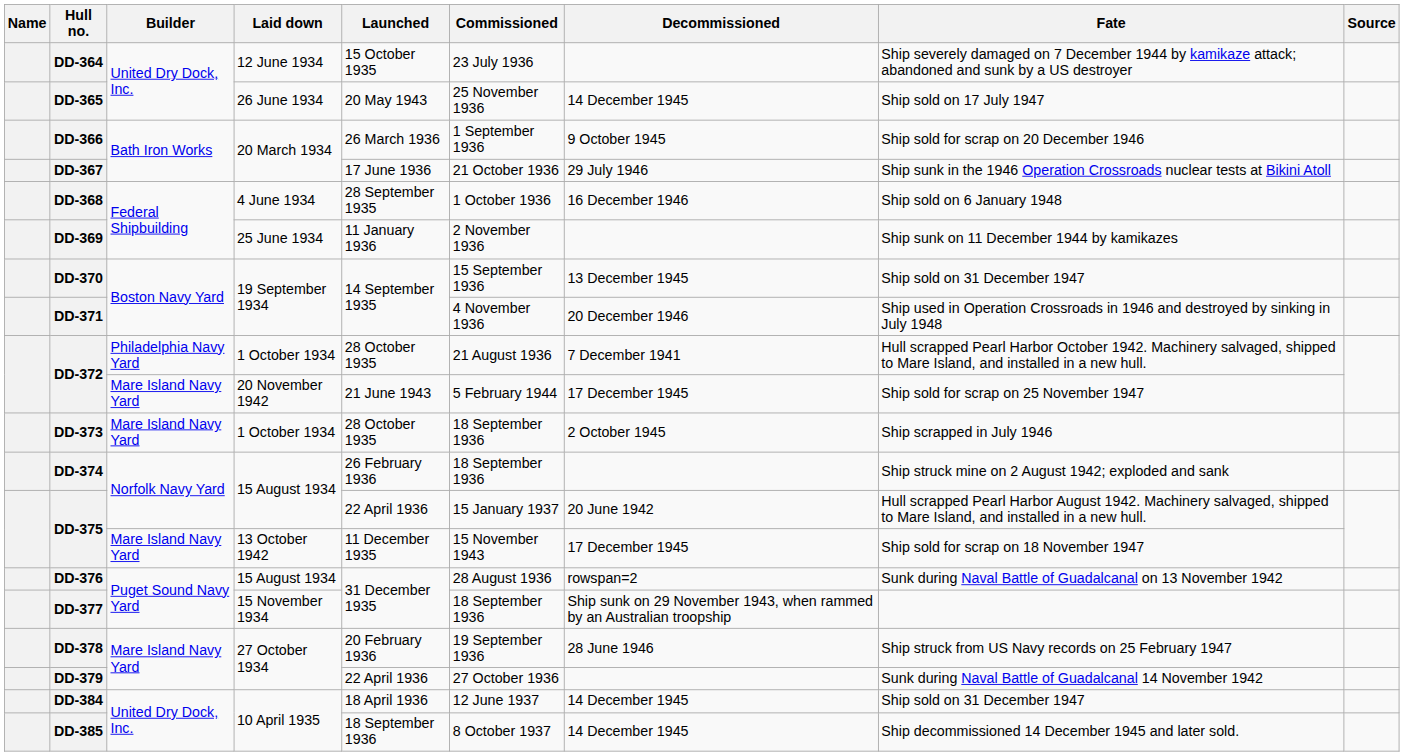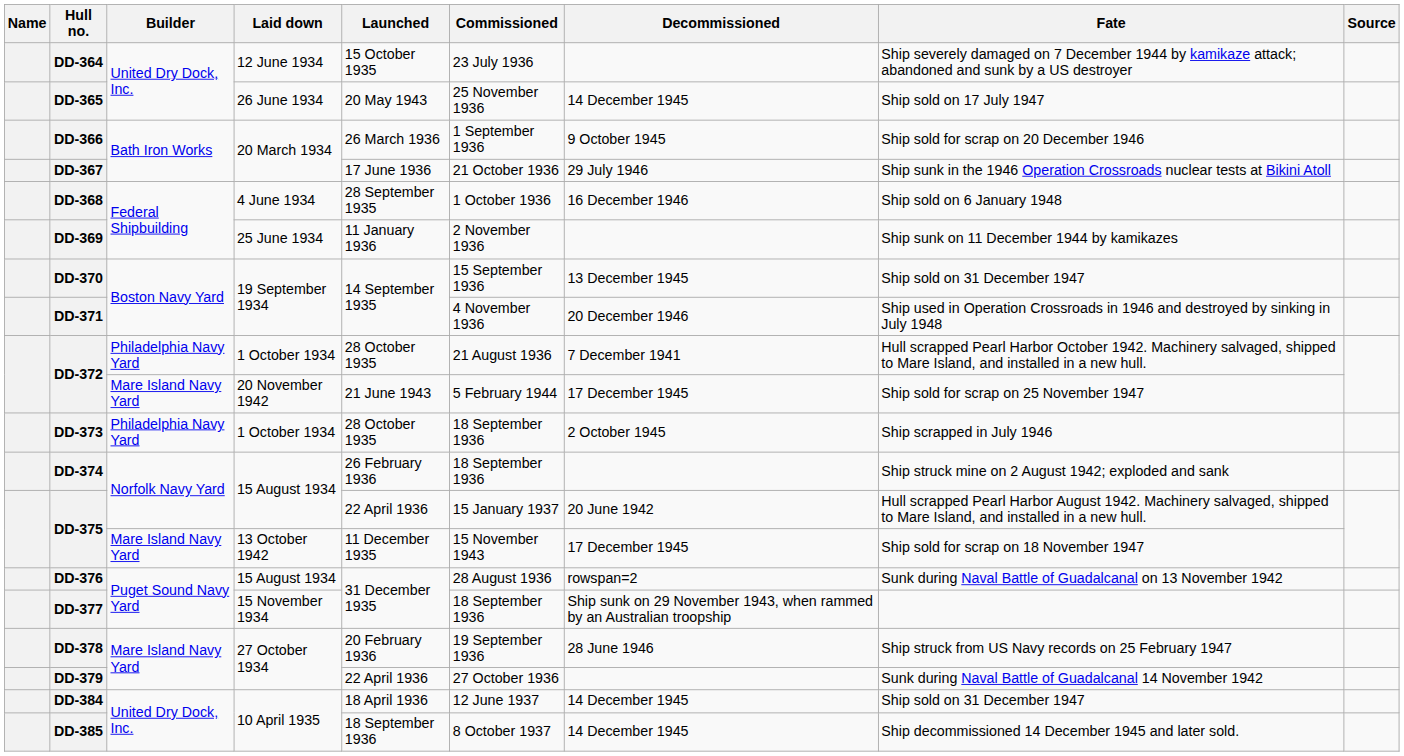 <table class="wikitable sortable plainrowheaders">
 <tr>
 <th scope="col">Name</th>
 <th scope="col">Hull no.</th>
 <th scope="col" style="max-width: 9em;">Builder</th>
 <th scope="col" style="max-width: 6em;">Laid down</th>
 <th scope="col" style="max-width: 6em;">Launched</th>
 <th scope="col" style="max-width: 6em;">Commissioned</th>
 <th scope="col" style="max-width: 6em;">Decommissioned</th>
 <th scope="col">Fate</th>
 <th scope="col" class="unsortable">Source</th>
 </tr>
 <tr>
 <th scope="row"></th>
 <th scope="row" style="white-space: nowrap;">DD-364</th>
 <td rowspan=2><a href='#'>United Dry Dock, Inc.</a></td>
 <td>12 June 1934</td>
 <td>15 October 1935</td>
 <td>23 July 1936</td>
 <td></td>
 <td data-sort-value="1944">Ship severely damaged on 7 December 1944  by <a href='#'>kamikaze</a> attack; abandoned and sunk by a US destroyer</td>
 <td></td>
 </tr>
 <tr>
 <th scope="row"></th>
 <th scope="row">DD-365</th>
 <td>26 June 1934</td>
 <td>20 May 1943</td>
 <td>25 November 1936</td>
 <td>14 December 1945</td>
 <td data-sort-value="17 July 1947">Ship sold on 17 July 1947</td>
 <td></td>
 </tr>
 <tr>
 <th scope="row"></th>
 <th scope="row">DD-366</th>
 <td rowspan=2><a href='#'>Bath Iron Works</a></td>
 <td rowspan=2>20 March 1934</td>
 <td>26 March 1936</td>
 <td>1 September 1936</td>
 <td>9 October 1945</td>
 <td data-sort-value="20 December 1946">Ship sold for scrap on 20 December 1946</td>
 <td></td>
 </tr>
 <tr>
 <th scope="row"></th>
 <th scope="row">DD-367</th>
 <td>17 June 1936</td>
 <td>21 October 1936</td>
 <td>29 July 1946</td>
 <td data-sort-value="1946">Ship sunk in the 1946 <a href='#'>Operation Crossroads</a> nuclear tests at <a href='#'>Bikini Atoll</a></td>
 <td></td>
 </tr>
 <tr>
 <th scope="row"></th>
 <th scope="row">DD-368</th>
 <td rowspan=2><a href='#'>Federal Shipbuilding</a></td>
 <td>4 June 1934</td>
 <td>28 September 1935</td>
 <td>1 October 1936</td>
 <td>16 December 1946</td>
 <td data-sort-value="6 January 1948">Ship sold on 6 January 1948</td>
 <td></td>
 </tr>
 <tr>
 <th scope="row"></th>
 <th scope="row">DD-369</th>
 <td>25 June 1934</td>
 <td>11 January 1936</td>
 <td>2 November 1936</td>
 <td></td>
 <td data-sort-value="11 December 1944">Ship sunk on 11 December 1944 by kamikazes</td>
 <td></td>
 </tr>
 <tr>
 <th scope="row"></th>
 <th scope="row">DD-370</th>
 <td rowspan=2><a href='#'>Boston Navy Yard</a></td>
 <td rowspan=2>19 September 1934</td>
 <td rowspan=2>14 September 1935</td>
 <td>15 September 1936</td>
 <td>13 December 1945</td>
 <td data-sort-value="31 December 1947">Ship sold on 31 December 1947</td>
 <td></td>
 </tr>
 <tr>
 <th scope="row"></th>
 <th scope="row">DD-371</th>
 <td>4 November 1936</td>
 <td>20 December 1946</td>
 <td data-sort-value="July 1948">Ship used in Operation Crossroads in 1946 and destroyed by sinking in July 1948</td>
 <td></td>
 </tr>
 <tr>
 <th scope="row" rowspan=2></th>
 <th scope="row" rowspan=2>DD-372</th>
 <td><a href='#'>Philadelphia Navy Yard</a></td>
 <td>1 October 1934</td>
 <td>28 October 1935</td>
 <td>21 August 1936</td>
 <td>7 December 1941</td>
 <td data-sort-value="7 December 1941">Hull scrapped Pearl Harbor October 1942. Machinery salvaged, shipped to Mare Island, and installed in a new hull.</td>
 <td rowspan=2></td>
 </tr>
 <tr>
 <td><a href='#'>Mare Island Navy Yard</a></td>
 <td>20 November 1942</td>
 <td>21 June 1943</td>
 <td>5 February 1944</td>
 <td>17 December 1945</td>
 <td data-sort-value="25 November 1947">Ship sold for scrap on 25 November 1947</td>
 </tr>
 <tr>
 <th scope="row"></th>
 <th scope="row">DD-373</th>
-<td><a href='#'>Mare Island Navy Yard</a></td>
+<td><a href='#'>Philadelphia Navy Yard</a></td>
 <td>1 October 1934</td>
 <td>28 October 1935</td>
 <td>18 September 1936</td>
 <td>2 October 1945</td>
 <td data-sort-value="July 1946">Ship scrapped in July 1946</td>
 <td></td>
 </tr>
 <tr>
 <th scope="row"></th>
 <th scope="row">DD-374</th>
 <td rowspan=2><a href='#'>Norfolk Navy Yard</a></td>
 <td rowspan=2>15 August 1934</td>
 <td>26 February 1936</td>
 <td>18 September 1936</td>
 <td></td>
 <td data-sort-value="2 August 1942">Ship struck mine on 2 August 1942; exploded and sank</td>
 <td></td>
 </tr>
 <tr>
 <th scope="row" rowspan=2></th>
 <th scope="row" rowspan=2>DD-375</th>
 <td>22 April 1936</td>
 <td>15 January 1937</td>
 <td>20 June 1942</td>
 <td data-sort-value="20 June 1942">Hull scrapped Pearl Harbor August 1942. Machinery salvaged, shipped to Mare Island, and installed in a new hull.</td>
 <td rowspan=2></td>
 </tr>
 <tr>
 <td><a href='#'>Mare Island Navy Yard</a></td>
 <td>13 October 1942</td>
 <td>11 December 1935</td>
 <td>15 November 1943</td>
 <td>17 December 1945</td>
 <td data-sort-value="18 November 1947">Ship sold for scrap on 18 November 1947</td>
 </tr>
 <tr>
 <th scope="row"></th>
 <th scope="row">DD-376</th>
 <td rowspan=2><a href='#'>Puget Sound Navy Yard</a></td>
 <td>15 August 1934</td>
 <td rowspan=2>31 December 1935</td>
 <td>28 August 1936</td>
 <td>rowspan=2 </td>
 <td data-sort-value="13 November 1942">Sunk during <a href='#'>Naval Battle of Guadalcanal</a> on 13 November 1942</td>
 <td></td>
 </tr>
 <tr>
 <th scope="row"></th>
 <th scope="row">DD-377</th>
 <td>15 November 1934</td>
 <td>18 September 1936</td>
 <td data-sort-value="29 November 1943">Ship sunk on 29 November 1943, when rammed by an Australian troopship</td>
 <td></td>
 </tr>
 <tr>
 <th scope="row"></th>
 <th scope="row">DD-378</th>
 <td rowspan=2><a href='#'>Mare Island Navy Yard</a></td>
 <td rowspan=2>27 October 1934</td>
 <td>20 February 1936</td>
 <td>19 September 1936</td>
 <td>28 June 1946</td>
 <td data-sort-value="25 February 1947">Ship struck from US Navy records on 25 February 1947</td>
 <td></td>
 </tr>
 <tr>
 <th scope="row"></th>
 <th scope="row">DD-379</th>
 <td>22 April 1936</td>
 <td>27 October 1936</td>
 <td></td>
 <td data-sort-value="14 November 1942">Sunk during <a href='#'>Naval Battle of Guadalcanal</a> 14 November 1942</td>
 <td></td>
 </tr>
 <tr>
 <th scope="row"></th>
 <th scope="row">DD-384</th>
 <td rowspan=2><a href='#'>United Dry Dock, Inc.</a></td>
 <td rowspan=2>10 April 1935</td>
 <td>18 April 1936</td>
 <td>12 June 1937</td>
 <td>14 December 1945</td>
 <td data-sort-value="31 December 1947">Ship sold on 31 December 1947</td>
 <td></td>
 </tr>
 <tr>
 <th scope="row"></th>
 <th scope="row">DD-385</th>
 <td>18 September 1936</td>
 <td>8 October 1937</td>
 <td>14 December 1945</td>
 <td data-sort-value="14 December 1945">Ship decommissioned 14 December 1945 and later sold.</td>
 <td></td>
 </tr>
 </table>
